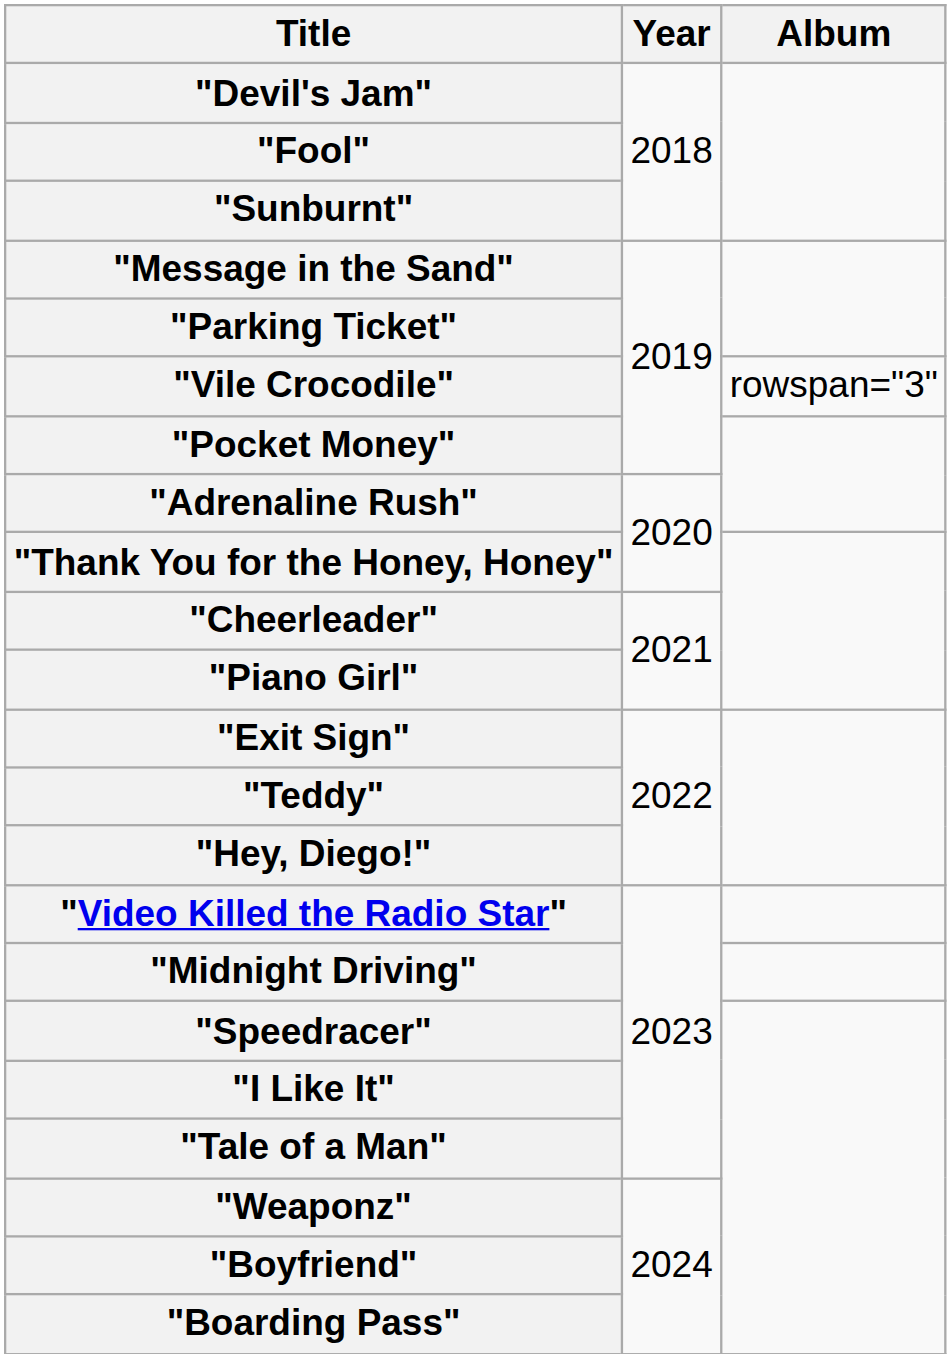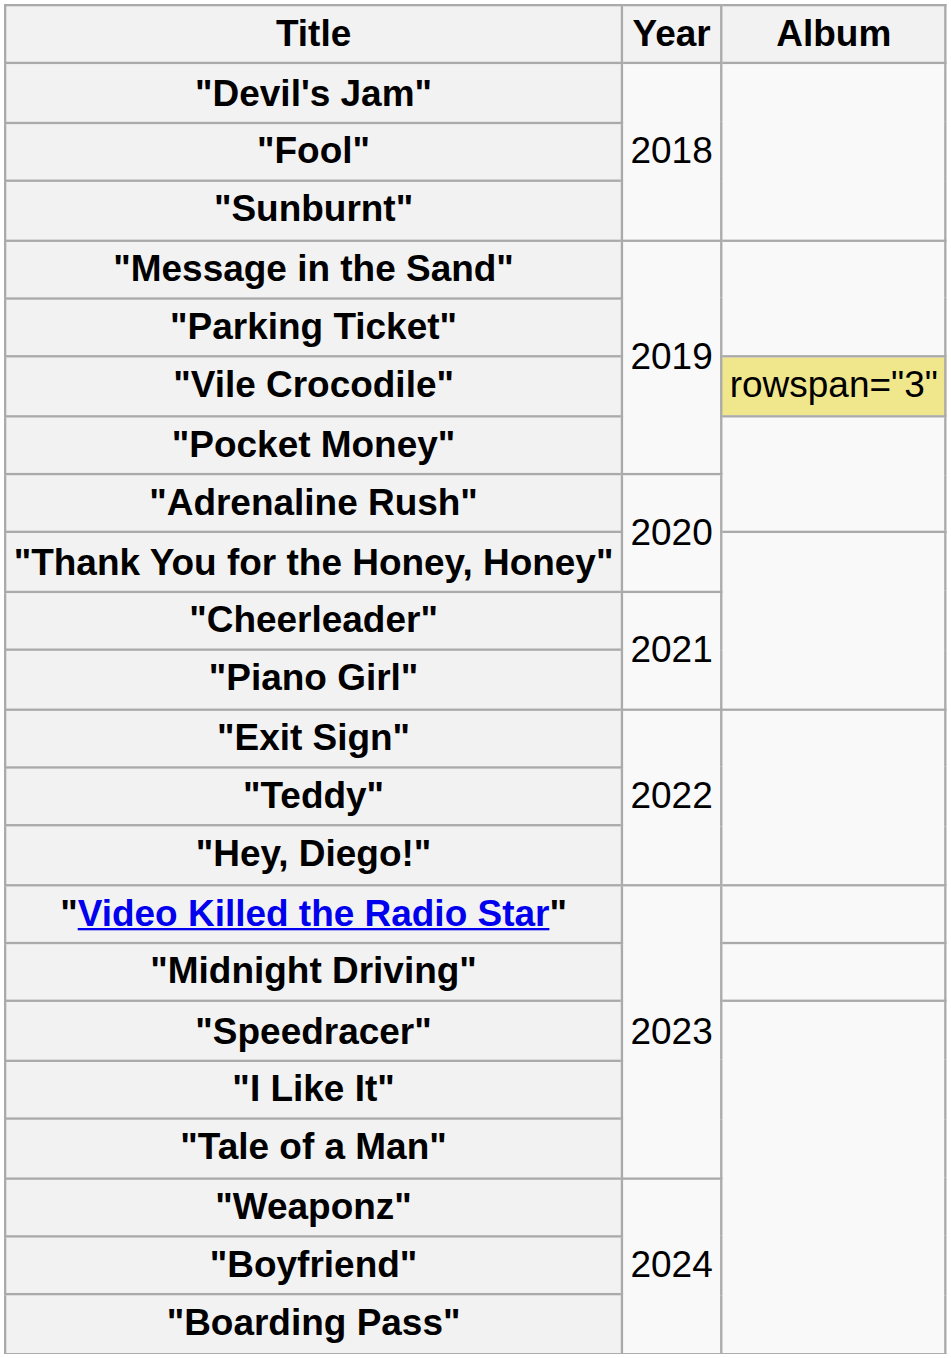 <table class="wikitable plainrowheaders">
 <tr>
 <th>Title</th>
 <th>Year</th>
 <th>Album</th>
 </tr>
 <tr>
 <th scope="row">"Devil's Jam"</th>
 <td rowspan="3">2018</td>
 <td rowspan="3"></td>
 </tr>
 <tr>
 <th scope="row">"Fool"</th>
 </tr>
 <tr>
 <th scope="row">"Sunburnt"</th>
 </tr>
 <tr>
 <th scope="row">"Message in the Sand"</th>
 <td rowspan="4">2019</td>
 <td rowspan="2"></td>
 </tr>
 <tr>
 <th scope="row">"Parking Ticket"</th>
 </tr>
 <tr>
 <th scope="row">"Vile Crocodile"</th>
-<td>rowspan="3" </td>
+<td style="background: khaki;">rowspan="3" </td>
 </tr>
 <tr>
 <th scope="row">"Pocket Money"</th>
 </tr>
 <tr>
 <th scope="row">"Adrenaline Rush"</th>
 <td rowspan="2">2020</td>
 </tr>
 <tr>
 <th scope="row">"Thank You for the Honey, Honey"</th>
 <td rowspan="3"></td>
 </tr>
 <tr>
 <th scope="row">"Cheerleader"</th>
 <td rowspan="2">2021</td>
 </tr>
 <tr>
 <th scope="row">"Piano Girl"</th>
 </tr>
 <tr>
 <th scope="row">"Exit Sign"</th>
 <td rowspan="3">2022</td>
 <td rowspan="3"></td>
 </tr>
 <tr>
 <th scope="row">"Teddy"</th>
 </tr>
 <tr>
 <th scope="row">"Hey, Diego!"</th>
 </tr>
 <tr>
 <th scope="row">"<a href='#'>Video Killed the Radio Star</a>" </th>
 <td rowspan="5">2023</td>
 <td></td>
 </tr>
 <tr>
 <th scope="row">"Midnight Driving"</th>
 <td></td>
 </tr>
 <tr>
 <th scope="row">"Speedracer"</th>
 <td rowspan="6"></td>
 </tr>
 <tr>
 <th scope="row">"I Like It"</th>
 </tr>
 <tr>
 <th scope="row">"Tale of a Man"</th>
 </tr>
 <tr>
 <th scope="row">"Weaponz"</th>
 <td rowspan="3">2024</td>
 </tr>
 <tr>
 <th scope="row">"Boyfriend"</th>
 </tr>
 <tr>
 <th scope="row">"Boarding Pass"</th>
 </tr>
 </table>
